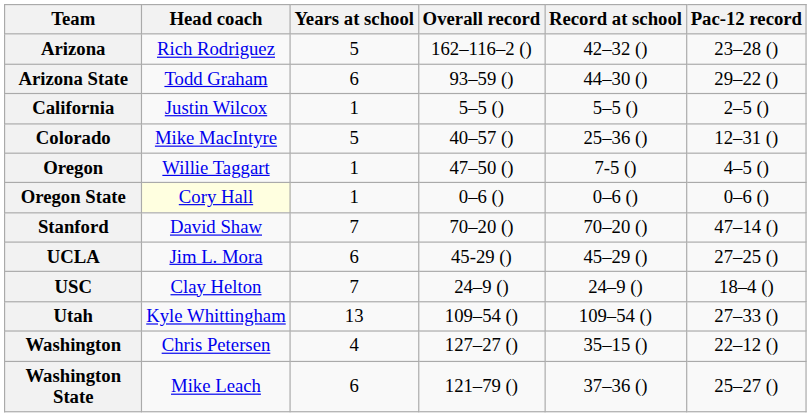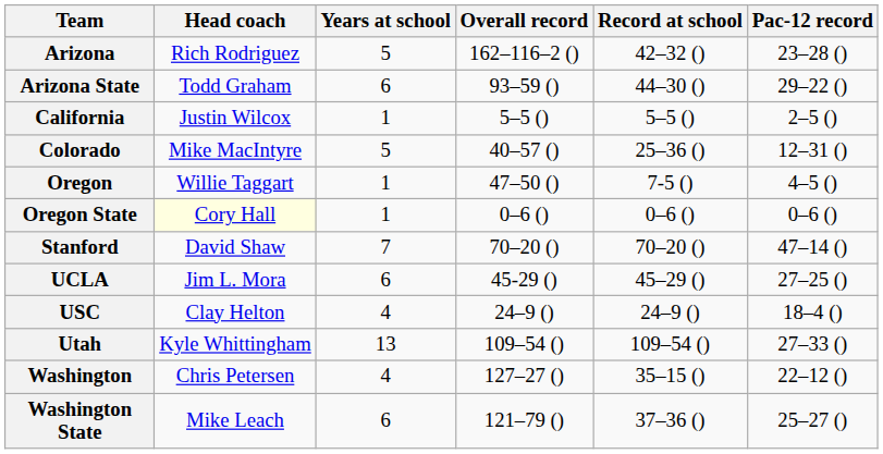 <table class="wikitable sortable" style="text-align: center;">
 <tr>
 <th style="width:110px;">Team</th>
 <th>Head coach</th>
 <th>Years at school</th>
 <th>Overall record</th>
 <th>Record at school</th>
 <th>Pac-12 record</th>
 </tr>
 <tr>
 <th>Arizona</th>
 <td><a href='#'>Rich Rodriguez</a></td>
 <td>5</td>
 <td>162–116–2 ()</td>
 <td>42–32 ()</td>
 <td>23–28 ()</td>
 </tr>
 <tr>
 <th>Arizona State</th>
 <td><a href='#'>Todd Graham</a></td>
 <td>6</td>
 <td>93–59 ()</td>
 <td>44–30 ()</td>
 <td>29–22 ()</td>
 </tr>
 <tr>
 <th>California</th>
 <td><a href='#'>Justin Wilcox</a></td>
 <td>1</td>
 <td>5–5 ()</td>
 <td>5–5 ()</td>
 <td>2–5 ()</td>
 </tr>
 <tr>
 <th>Colorado</th>
 <td><a href='#'>Mike MacIntyre</a></td>
 <td>5</td>
 <td>40–57 ()</td>
 <td>25–36 ()</td>
 <td>12–31 ()</td>
 </tr>
 <tr>
 <th>Oregon</th>
 <td><a href='#'>Willie Taggart</a></td>
 <td>1</td>
 <td>47–50 ()</td>
 <td>7-5 ()</td>
 <td>4–5 ()</td>
 </tr>
 <tr>
 <th>Oregon State</th>
 <td style="background: lightyellow;"><a href='#'>Cory Hall</a></td>
 <td>1</td>
 <td>0–6 ()</td>
 <td>0–6 ()</td>
 <td>0–6 ()</td>
 </tr>
 <tr>
 <th>Stanford</th>
 <td><a href='#'>David Shaw</a></td>
 <td>7</td>
 <td>70–20 ()</td>
 <td>70–20 ()</td>
 <td>47–14 ()</td>
 </tr>
 <tr>
 <th>UCLA</th>
 <td><a href='#'>Jim L. Mora</a></td>
 <td>6</td>
 <td>45-29 ()</td>
 <td>45–29 ()</td>
 <td>27–25 ()</td>
 </tr>
 <tr>
 <th>USC</th>
 <td><a href='#'>Clay Helton</a></td>
-<td>7</td>
+<td>4</td>
 <td>24–9 ()</td>
 <td>24–9 ()</td>
 <td>18–4 ()</td>
 </tr>
 <tr>
 <th>Utah</th>
 <td><a href='#'>Kyle Whittingham</a></td>
 <td>13</td>
 <td>109–54 ()</td>
 <td>109–54 ()</td>
 <td>27–33 ()</td>
 </tr>
 <tr>
 <th>Washington</th>
 <td><a href='#'>Chris Petersen</a></td>
 <td>4</td>
 <td>127–27 ()</td>
 <td>35–15 ()</td>
 <td>22–12 ()</td>
 </tr>
 <tr>
 <th>Washington State</th>
 <td><a href='#'>Mike Leach</a></td>
 <td>6</td>
 <td>121–79 ()</td>
 <td>37–36 ()</td>
 <td>25–27 ()</td>
 </tr>
 </table>
